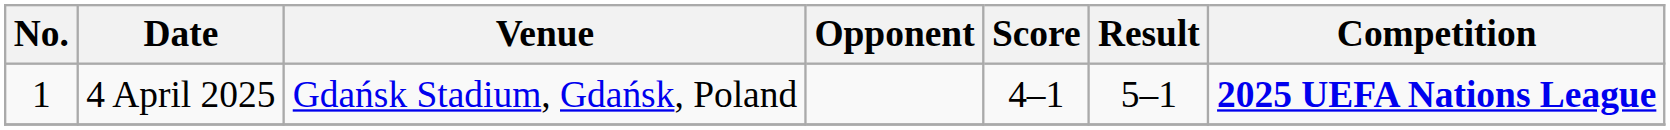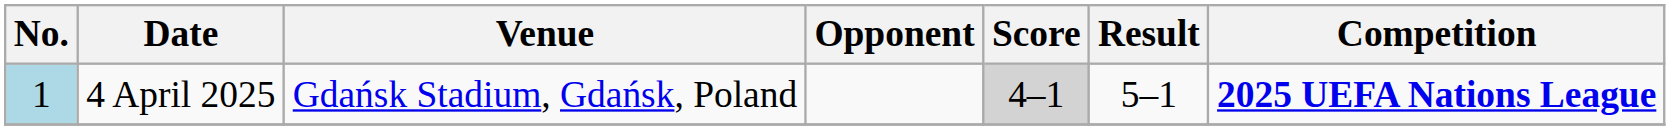 <table class="wikitable sortable">
 <tr>
 <th>No.</th>
 <th>Date</th>
 <th>Venue</th>
 <th>Opponent</th>
 <th>Score</th>
 <th>Result</th>
 <th>Competition</th>
 </tr>
 <tr>
-<td align=center>1</td>
+<td align=center style="background: lightblue;">1</td>
 <td>4 April 2025</td>
 <td><a href='#'>Gdańsk Stadium</a>, <a href='#'>Gdańsk</a>, Poland</td>
 <td></td>
-<td align=center>4–1</td>
+<td align=center style="background: lightgrey;">4–1</td>
 <td align=center>5–1</td>
 <td><strong><a href='#'>2025 UEFA Nations League</a></strong></td>
 </tr>
 <tr>
 </tr>
 </table>
